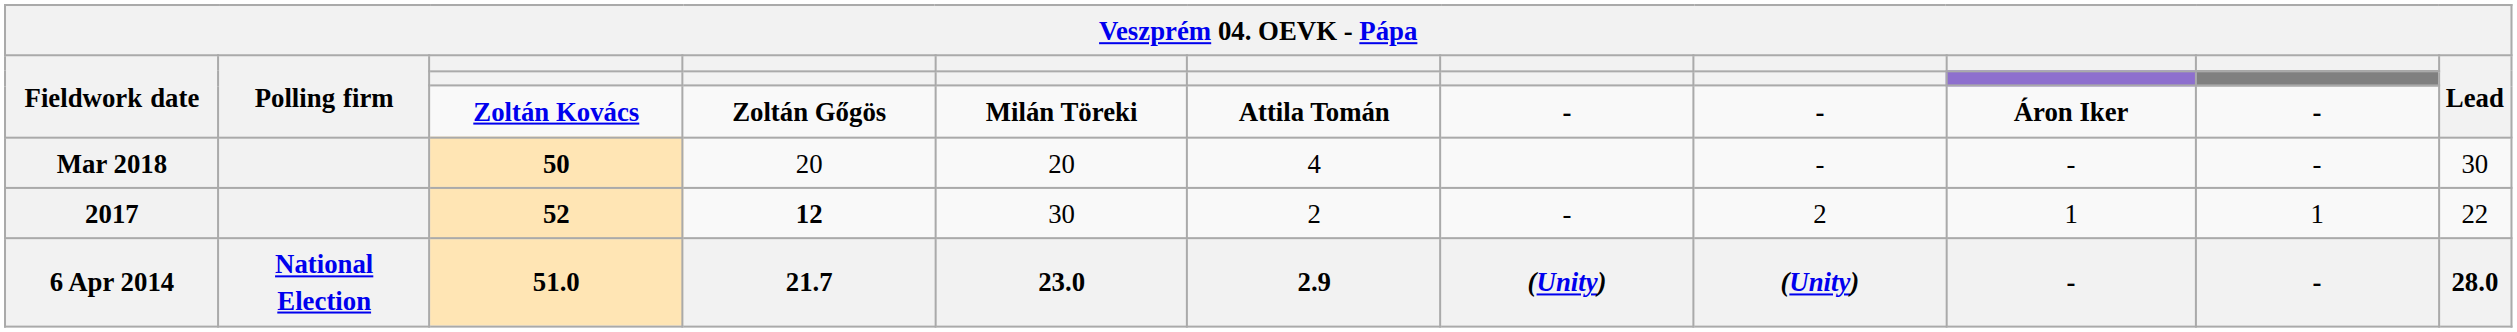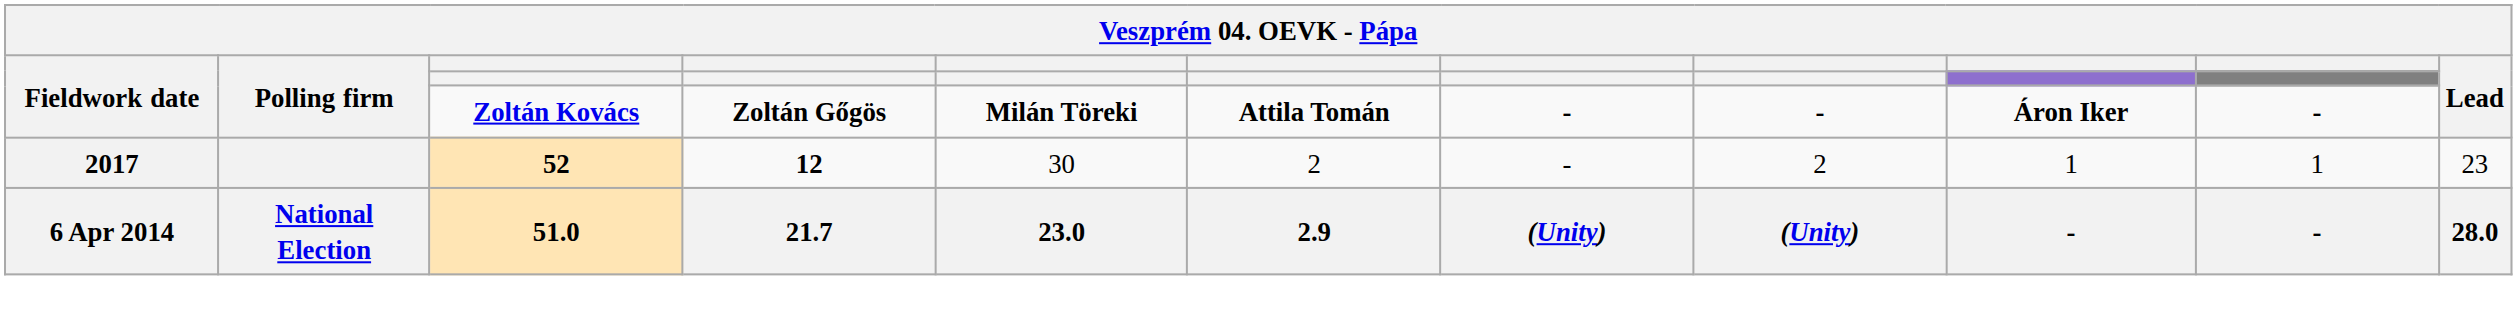 <table class="wikitable mw-collapsible mw-collapsed" style="text-align:center">
 <tr>
 <th colspan="11" style="width: 980pt;"><small><a href='#'>Veszprém</a> 04. OEVK - <a href='#'>Pápa</a></small></th>
 </tr>
 <tr>
 <th rowspan="3" style="width: 80pt;"><small>Fieldwork</small> <small>date</small></th>
 <th rowspan="3" style="width: 80pt;"><strong><small>Polling</small> <small>firm</small></strong></th>
 <th style="width: 100pt;"><small></small></th>
 <th style="width: 100pt;"><small> </small></th>
 <th style="width: 100pt;"></th>
 <th style="width: 100pt;"></th>
 <th style="width: 100pt;"></th>
 <th style="width: 100pt;"></th>
 <th style="width: 100pt;"></th>
 <th style="width: 100pt;"></th>
 <th rowspan="3" style="width: 20pt;"><small>Lead</small></th>
 </tr>
 <tr>
 <th style="color:inherit;background:"></th>
 <th style="color:inherit;background:"></th>
 <th style="color:inherit;background:"></th>
 <th style="color:inherit;background:"></th>
 <th style="color:inherit;background:"></th>
 <th style="color:inherit;background:"></th>
 <th style="color:inherit;background:#8E6FCE;"></th>
 <th style="color:inherit;background:#808080;"></th>
 </tr>
 <tr>
 <td><a href='#'><small><strong>Zoltán Kovács</strong></small></a></td>
 <td><small><strong>Zoltán Gőgös</strong></small></td>
 <td><small><strong>Milán Töreki</strong></small></td>
 <td><small><strong>Attila Tomán</strong></small></td>
 <td><small><strong>-</strong></small></td>
 <td><small><strong>-</strong></small></td>
 <td><small><strong>Áron Iker</strong></small></td>
 <td><small><strong>-</strong></small></td>
 </tr>
 <tr>
-<th><small>Mar 2018</small></th>
-<th><small></small></th>
-<td style="background:#FFE5B4"><small><strong>50</strong></small></td>
-<td><small>20</small></td>
-<td><small>20</small></td>
-<td><small>4</small></td>
-<td></td>
-<td><small>-</small></td>
-<td><small>-</small></td>
-<td><small>-</small></td>
-<td style="background:"><small>30</small></td>
-</tr>
-<tr>
 <th><small>2017</small></th>
 <th><small></small></th>
 <td style="background:#FFE5B4"><small><strong>52</strong></small></td>
 <td><strong><small>12</small></strong></td>
 <td><small>30</small></td>
 <td><small>2</small></td>
 <td><small>-</small></td>
 <td><small>2</small></td>
 <td><small>1</small></td>
 <td><small>1</small></td>
-<td style="background:"><small>22</small></td>
+<td style="background:"><small>23</small></td>
 </tr>
 <tr>
 <th><small>6 Apr 2014</small></th>
 <th><a href='#'><small>National Election</small></a></th>
 <th style="background:#FFE5B4"><small><strong>51.0</strong></small></th>
 <th><small>21.7</small></th>
 <th><small>23.0</small></th>
 <th><small>2.9</small></th>
 <th><small><em>(<a href='#'>Unity</a>)</em></small></th>
 <th><small><em>(<a href='#'>Unity</a>)</em></small></th>
 <th><small>-</small></th>
 <th><small>-</small></th>
 <th style="background:"><small>28.0</small></th>
 </tr>
 </table>
